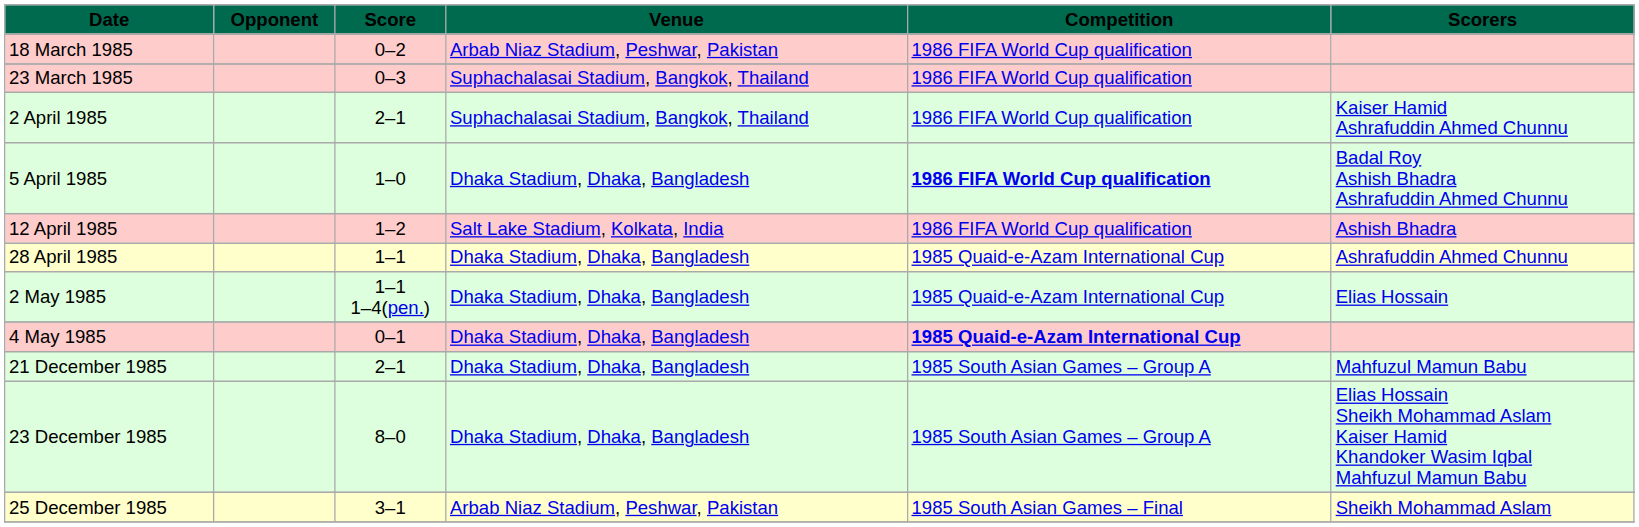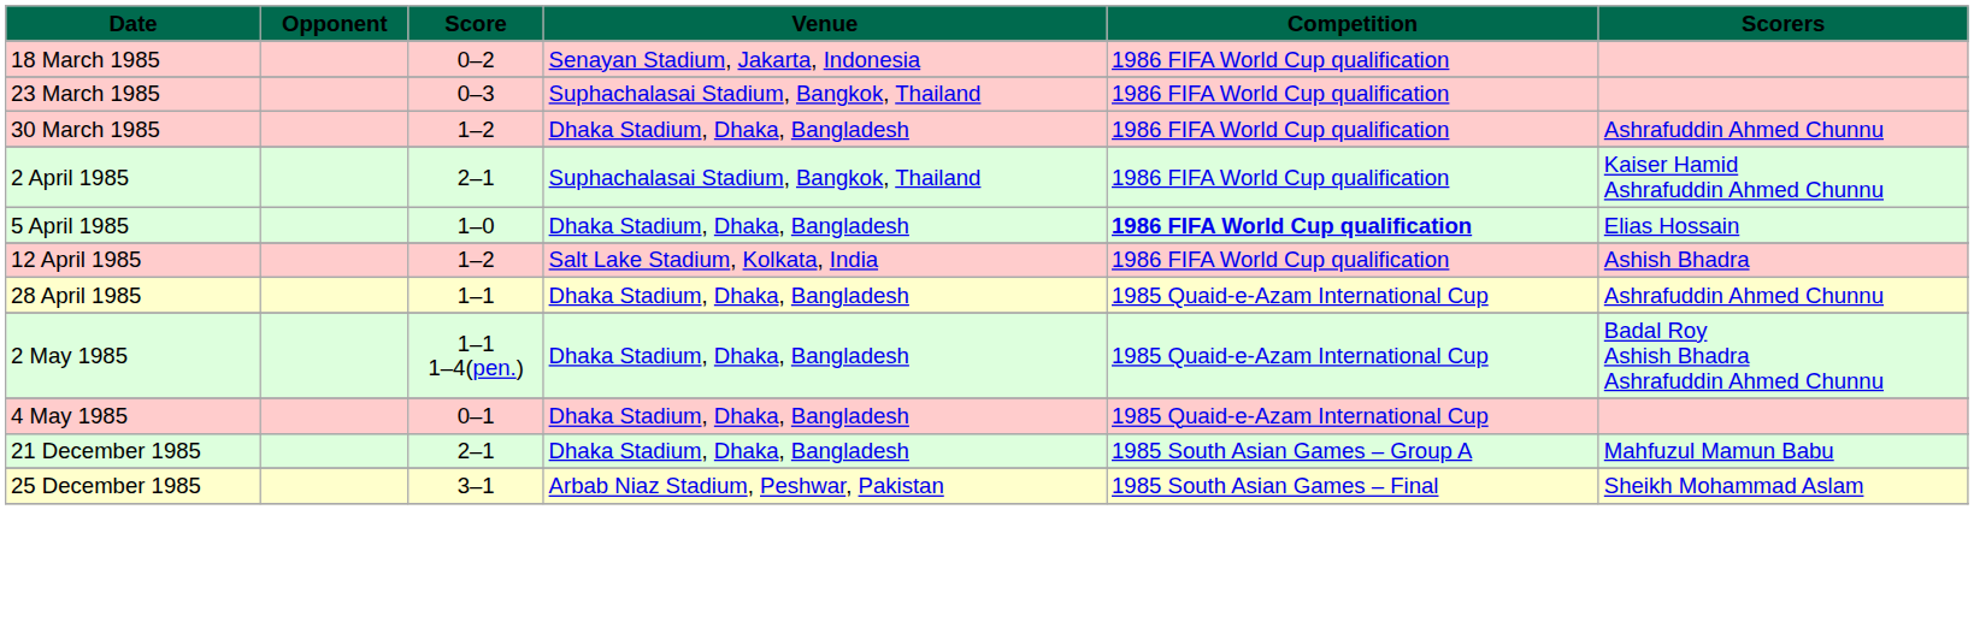 <table class="wikitable" width=100% style="text-align:left;font-size:90%;">
 <tr>
 <th style="background:#006a4e;"><span>Date</span></th>
 <th style="background:#006a4e;"><span>Opponent</span></th>
 <th style="background:#006a4e;"><span>Score</span></th>
 <th style="background:#006a4e;"><span>Venue</span></th>
 <th style="background:#006a4e;"><span>Competition</span></th>
 <th style="background:#006a4e;"><span>Scorers</span></th>
 </tr>
 <tr>
 </tr>
 <tr style="background:#fcc;">
 <td>18 March 1985</td>
 <td></td>
 <td style="text-align: center">0–2</td>
-<td> <a href='#'>Arbab Niaz Stadium</a>, <a href='#'>Peshwar</a>, <a href='#'>Pakistan</a></td>
+<td> <a href='#'>Senayan Stadium</a>, <a href='#'>Jakarta</a>, <a href='#'>Indonesia</a></td>
 <td><a href='#'>1986 FIFA World Cup qualification</a></td>
 <td></td>
 </tr>
 <tr>
 </tr>
 <tr style="background:#fcc;">
 <td>23 March 1985</td>
 <td></td>
 <td style="text-align: center">0–3</td>
 <td> <a href='#'>Suphachalasai Stadium</a>, <a href='#'>Bangkok</a>, <a href='#'>Thailand</a></td>
 <td><a href='#'>1986 FIFA World Cup qualification</a></td>
 <td></td>
 </tr>
 <tr>
+</tr>
+<tr style="background:#fcc;">
+<td>30 March 1985</td>
+<td></td>
+<td style="text-align: center">1–2</td>
+<td> <a href='#'>Dhaka Stadium</a>, <a href='#'>Dhaka</a>, <a href='#'>Bangladesh</a></td>
+<td><a href='#'>1986 FIFA World Cup qualification</a></td>
+<td><a href='#'>Ashrafuddin Ahmed Chunnu</a> </td>
 </tr>
 <tr>
 </tr>
 <tr style="background:#dfd;">
 <td>2 April 1985</td>
 <td></td>
 <td style="text-align: center">2–1</td>
 <td> <a href='#'>Suphachalasai Stadium</a>, <a href='#'>Bangkok</a>, <a href='#'>Thailand</a></td>
 <td><a href='#'>1986 FIFA World Cup qualification</a></td>
 <td><a href='#'>Kaiser Hamid</a>  <br> <a href='#'>Ashrafuddin Ahmed Chunnu</a> </td>
 </tr>
 <tr>
 </tr>
 <tr style="background:#dfd;">
 <td>5 April 1985</td>
 <td></td>
 <td style="text-align: center">1–0</td>
 <td> <a href='#'>Dhaka Stadium</a>, <a href='#'>Dhaka</a>, <a href='#'>Bangladesh</a></td>
 <td><strong><a href='#'>1986 FIFA World Cup qualification</a></strong></td>
-<td><a href='#'>Badal Roy</a>  <br> <a href='#'>Ashish Bhadra</a>  <br> <a href='#'>Ashrafuddin Ahmed Chunnu</a> </td>
+<td><a href='#'>Elias Hossain</a> </td>
 </tr>
 <tr>
 </tr>
 <tr style="background:#fcc;">
 <td>12 April 1985</td>
 <td></td>
 <td style="text-align: center">1–2</td>
 <td> <a href='#'>Salt Lake Stadium</a>, <a href='#'>Kolkata</a>, <a href='#'>India</a></td>
 <td><a href='#'>1986 FIFA World Cup qualification</a></td>
 <td><a href='#'>Ashish Bhadra</a> </td>
 </tr>
 <tr>
 </tr>
 <tr style="background:#ffc;">
 <td>28 April 1985</td>
 <td></td>
 <td style="text-align: center">1–1</td>
 <td> <a href='#'>Dhaka Stadium</a>, <a href='#'>Dhaka</a>, <a href='#'>Bangladesh</a></td>
 <td><a href='#'>1985 Quaid-e-Azam International Cup</a></td>
 <td><a href='#'>Ashrafuddin Ahmed Chunnu</a> </td>
 </tr>
 <tr>
 </tr>
 <tr style="background:#dfd;">
 <td>2 May 1985</td>
 <td></td>
 <td style="text-align: center">1–1<br>1–4(<a href='#'>pen.</a>)</td>
 <td> <a href='#'>Dhaka Stadium</a>, <a href='#'>Dhaka</a>, <a href='#'>Bangladesh</a></td>
 <td><a href='#'>1985 Quaid-e-Azam International Cup</a></td>
-<td><a href='#'>Elias Hossain</a> </td>
+<td><a href='#'>Badal Roy</a>  <br> <a href='#'>Ashish Bhadra</a>  <br> <a href='#'>Ashrafuddin Ahmed Chunnu</a> </td>
 </tr>
 <tr>
 </tr>
 <tr style="background:#fcc;">
 <td>4 May 1985</td>
 <td></td>
 <td style="text-align: center">0–1</td>
 <td> <a href='#'>Dhaka Stadium</a>, <a href='#'>Dhaka</a>, <a href='#'>Bangladesh</a></td>
-<td><strong><a href='#'>1985 Quaid-e-Azam International Cup</a></strong></td>
+<td><a href='#'>1985 Quaid-e-Azam International Cup</a></td>
 <td></td>
 </tr>
 <tr>
 </tr>
 <tr style="background:#dfd;">
 <td>21 December 1985</td>
 <td></td>
 <td style="text-align: center">2–1</td>
 <td> <a href='#'>Dhaka Stadium</a>, <a href='#'>Dhaka</a>, <a href='#'>Bangladesh</a></td>
 <td><a href='#'>1985 South Asian Games – Group A</a></td>
 <td><a href='#'>Mahfuzul Mamun Babu</a> </td>
 </tr>
 <tr>
 </tr>
-<tr style="background:#dfd;">
-<td>23 December 1985</td>
-<td></td>
-<td style="text-align: center">8–0</td>
-<td> <a href='#'>Dhaka Stadium</a>, <a href='#'>Dhaka</a>, <a href='#'>Bangladesh</a></td>
-<td><a href='#'>1985 South Asian Games – Group A</a></td>
-<td><a href='#'>Elias Hossain</a>  <br> <a href='#'>Sheikh Mohammad Aslam</a>  <br> <a href='#'>Kaiser Hamid</a>  <br> <a href='#'>Khandoker Wasim Iqbal</a>  <br> <a href='#'>Mahfuzul Mamun Babu</a> </td>
-</tr>
 <tr>
 </tr>
 <tr style="background:#ffc;">
 <td>25 December 1985</td>
 <td></td>
 <td style="text-align: center">3–1</td>
 <td> <a href='#'>Arbab Niaz Stadium</a>, <a href='#'>Peshwar</a>, <a href='#'>Pakistan</a></td>
 <td><a href='#'>1985 South Asian Games – Final</a></td>
 <td><a href='#'>Sheikh Mohammad Aslam</a> </td>
 </tr>
 <tr>
 </tr>
 </table>
